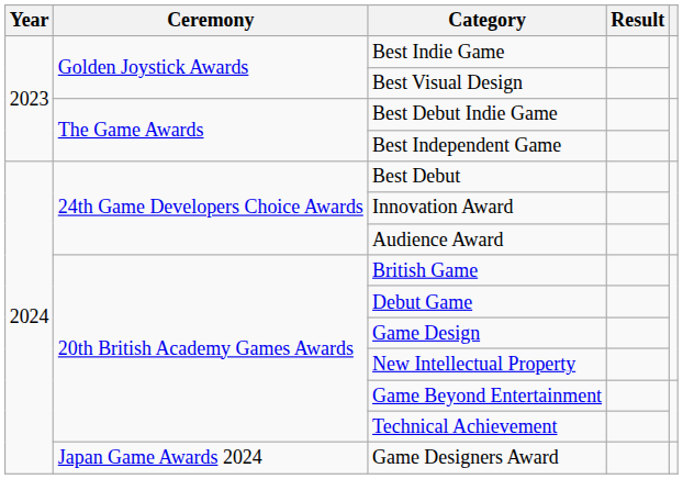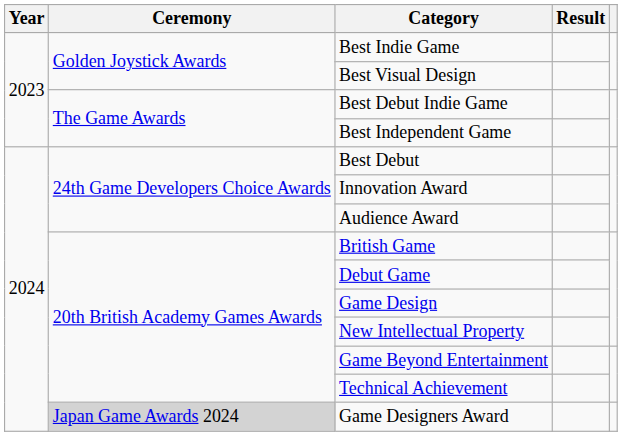 <table class="wikitable plainrowheaders sortable" width="auto">
 <tr>
 <th scope="col">Year</th>
 <th scope="col">Ceremony</th>
 <th scope="col">Category</th>
 <th scope="col">Result</th>
 <th scope="col" class="unsortable"></th>
 </tr>
 <tr>
 <td style="text-align:center;" rowspan="4">2023</td>
 <td rowspan="2"><a href='#'>Golden Joystick Awards</a></td>
 <td>Best Indie Game</td>
 <td></td>
 <td style="text-align:center;" rowspan="2"></td>
 </tr>
 <tr>
 <td>Best Visual Design</td>
 <td></td>
 </tr>
 <tr>
 <td rowspan="2"><a href='#'>The Game Awards</a></td>
 <td>Best Debut Indie Game</td>
 <td></td>
 <td style="text-align:center;" rowspan="2"></td>
 </tr>
 <tr>
 <td>Best Independent Game</td>
 <td></td>
 </tr>
 <tr>
 <td style="text-align:center;" rowspan="10">2024</td>
 <td rowspan="3"><a href='#'>24th Game Developers Choice Awards</a></td>
 <td>Best Debut</td>
 <td></td>
 <td style="text-align:center;" rowspan="3"></td>
 </tr>
 <tr>
 <td>Innovation Award</td>
 <td></td>
 </tr>
 <tr>
 <td>Audience Award</td>
 <td></td>
 </tr>
 <tr>
 <td rowspan="6"><a href='#'>20th British Academy Games Awards</a></td>
 <td><a href='#'>British Game</a></td>
 <td></td>
 <td style="text-align:center;" rowspan="4"></td>
 </tr>
 <tr>
 <td><a href='#'>Debut Game</a></td>
 <td></td>
 </tr>
 <tr>
 <td><a href='#'>Game Design</a></td>
 <td></td>
 </tr>
 <tr>
 <td><a href='#'>New Intellectual Property</a></td>
 <td></td>
 </tr>
 <tr>
 <td><a href='#'>Game Beyond Entertainment</a></td>
 <td></td>
 <td style="text-align:center;" rowspan="2"></td>
 </tr>
 <tr>
 <td><a href='#'>Technical Achievement</a></td>
 <td></td>
 </tr>
 <tr>
-<td><a href='#'>Japan Game Awards</a> 2024</td>
+<td style="background: lightgrey;"><a href='#'>Japan Game Awards</a> 2024</td>
 <td>Game Designers Award</td>
 <td></td>
 <td style="text-align:center;" rowspan="1"></td>
 </tr>
 </table>
